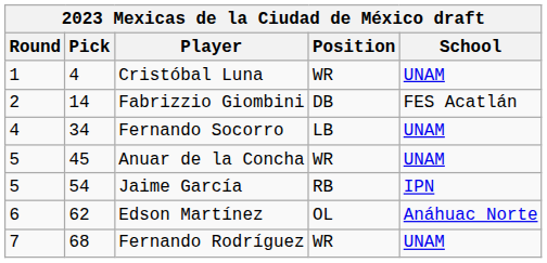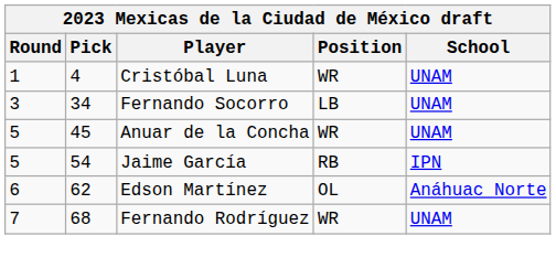 <table class="wikitable" style="text-align:left">
 <tr>
 <th colspan=5>2023 Mexicas de la Ciudad de México draft</th>
 </tr>
 <tr>
 <th>Round</th>
 <th>Pick</th>
 <th>Player</th>
 <th>Position</th>
 <th>School</th>
 </tr>
 <tr>
 <td>1</td>
 <td>4</td>
 <td>Cristóbal Luna</td>
 <td>WR</td>
 <td><a href='#'>UNAM</a></td>
 </tr>
 <tr>
-<td>2</td>
-<td>14</td>
-<td>Fabrizzio Giombini</td>
-<td>DB</td>
-<td>FES Acatlán</td>
-</tr>
-<tr>
-<td>4</td>
+<td>3</td>
 <td>34</td>
 <td>Fernando Socorro</td>
 <td>LB</td>
 <td><a href='#'>UNAM</a></td>
 </tr>
 <tr>
 <td>5</td>
 <td>45</td>
 <td>Anuar de la Concha</td>
 <td>WR</td>
 <td><a href='#'>UNAM</a></td>
 </tr>
 <tr>
 <td>5</td>
 <td>54</td>
 <td>Jaime García</td>
 <td>RB</td>
 <td><a href='#'>IPN</a></td>
 </tr>
 <tr>
 <td>6</td>
 <td>62</td>
 <td>Edson Martínez</td>
 <td>OL</td>
 <td><a href='#'>Anáhuac Norte</a></td>
 </tr>
 <tr>
 <td>7</td>
 <td>68</td>
 <td>Fernando Rodríguez</td>
 <td>WR</td>
 <td><a href='#'>UNAM</a></td>
 </tr>
 </table>
